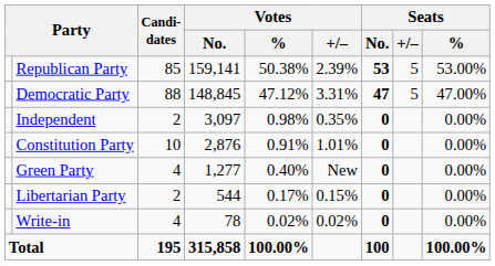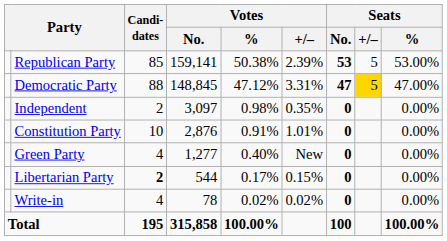 <table class="wikitable" style="font-size:100%; text-align:right;">
 <tr>
 <th colspan=2 rowspan=2>Party</th>
 <th rowspan=2><small>Candi-<br>dates</small></th>
 <th colspan=3>Votes</th>
 <th colspan=3>Seats</th>
 </tr>
 <tr>
 <th>No.</th>
 <th>%</th>
 <th>+/–</th>
 <th>No.</th>
 <th>+/–</th>
 <th>%</th>
 </tr>
 <tr>
 <td style="background:"></td>
 <td style="text-align:left"><a href='#'>Republican Party</a></td>
 <td>85</td>
 <td>159,141</td>
 <td>50.38%</td>
 <td>2.39%</td>
 <td><strong>53</strong></td>
 <td>5</td>
 <td>53.00%</td>
 </tr>
 <tr>
 <td style="background:"></td>
 <td style="text-align:left"><a href='#'>Democratic Party</a></td>
 <td>88</td>
 <td>148,845</td>
 <td>47.12%</td>
 <td>3.31%</td>
 <td><strong>47</strong></td>
-<td>5</td>
+<td style="background: gold;">5</td>
 <td>47.00%</td>
 </tr>
 <tr>
 <td style="background:"></td>
 <td style="text-align:left"><a href='#'>Independent</a></td>
 <td>2</td>
 <td>3,097</td>
 <td>0.98%</td>
 <td>0.35%</td>
 <td><strong>0</strong></td>
 <td></td>
 <td>0.00%</td>
 </tr>
 <tr>
 <td style="background:"></td>
 <td style="text-align:left"><a href='#'>Constitution Party</a></td>
 <td>10</td>
 <td>2,876</td>
 <td>0.91%</td>
 <td>1.01%</td>
 <td><strong>0</strong></td>
 <td></td>
 <td>0.00%</td>
 </tr>
 <tr>
 <td style="background:"></td>
 <td style="text-align:left"><a href='#'>Green Party</a></td>
 <td>4</td>
 <td>1,277</td>
 <td>0.40%</td>
 <td>New</td>
 <td><strong>0</strong></td>
 <td></td>
 <td>0.00%</td>
 </tr>
 <tr>
 <td style="background:"></td>
 <td style="text-align:left"><a href='#'>Libertarian Party</a></td>
-<td>2</td>
+<td><strong>2</strong></td>
 <td>544</td>
 <td>0.17%</td>
 <td>0.15%</td>
 <td><strong>0</strong></td>
 <td></td>
 <td>0.00%</td>
 </tr>
 <tr>
 <td style="background:"></td>
 <td style="text-align:left"><a href='#'>Write-in</a></td>
 <td>4</td>
 <td>78</td>
 <td>0.02%</td>
 <td>0.02%</td>
 <td><strong>0</strong></td>
 <td></td>
 <td>0.00%</td>
 </tr>
 <tr style="font-weight:bold">
 <td colspan=2 style="text-align:left">Total</td>
 <td>195</td>
 <td>315,858</td>
 <td>100.00%</td>
 <td></td>
 <td>100</td>
 <td></td>
 <td>100.00%</td>
 </tr>
 </table>
